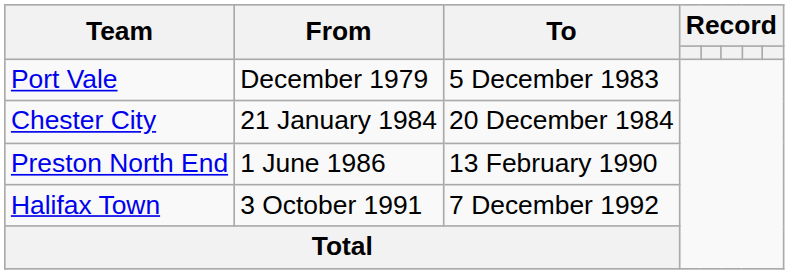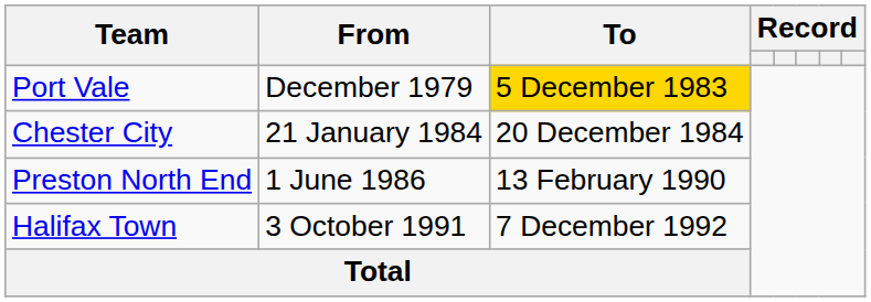 <table class="wikitable" style="text-align: center">
 <tr>
 <th rowspan=2>Team</th>
 <th rowspan=2>From</th>
 <th rowspan=2>To</th>
 <th colspan=5>Record</th>
 </tr>
 <tr>
 <th></th>
 <th></th>
 <th></th>
 <th></th>
 <th></th>
 </tr>
 <tr>
 <td align=left><a href='#'>Port Vale</a></td>
 <td align=left>December 1979</td>
-<td align=left>5 December 1983<br></td>
+<td align=left style="background: gold;">5 December 1983<br></td>
 </tr>
 <tr>
 <td align=left><a href='#'>Chester City</a></td>
 <td align=left>21 January 1984</td>
 <td align=left>20 December 1984<br></td>
 </tr>
 <tr>
 <td align=left><a href='#'>Preston North End</a></td>
 <td align=left>1 June 1986</td>
 <td align=left>13 February 1990<br></td>
 </tr>
 <tr>
 <td align=left><a href='#'>Halifax Town</a></td>
 <td align=left>3 October 1991</td>
 <td align=left>7 December 1992<br></td>
 </tr>
 <tr>
 <th colspan=3>Total<br></th>
 </tr>
 </table>
